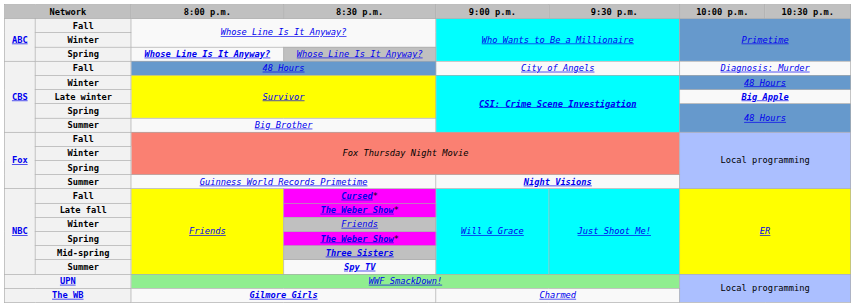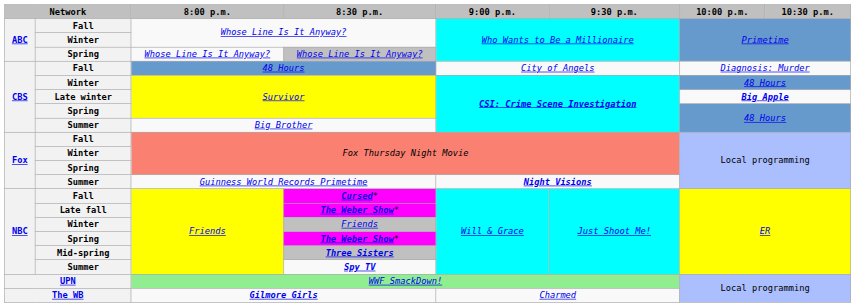 <table class="wikitable" style="width:100%;margin-right:0;text-align:center">
 <tr>
 <th colspan="2" style="background-color:#C0C0C0;text-align:center;width:15%;">Network</th>
 <th style="background-color:#C0C0C0;text-align:center;width:18%;">8:00 p.m.</th>
 <th style="background-color:#C0C0C0;text-align:center;width:18%;">8:30 p.m.</th>
 <th style="background-color:#C0C0C0;text-align:center">9:00 p.m.</th>
 <th style="background-color:#C0C0C0;text-align:center">9:30 p.m.</th>
 <th style="background-color:#C0C0C0;text-align:center">10:00 p.m.</th>
 <th style="background-color:#C0C0C0;text-align:center">10:30 p.m.</th>
 </tr>
 <tr>
 <th rowspan="3"><a href='#'>ABC</a></th>
 <th>Fall</th>
 <td colspan="2" rowspan="2"><em><a href='#'>Whose Line Is It Anyway?</a></em></td>
 <td style="background:cyan;" colspan="2" rowspan="3"><em><a href='#'>Who Wants to Be a Millionaire</a></em> </td>
 <td style="background:#6699CC;" colspan="2" rowspan="3"><em><a href='#'>Primetime</a></em></td>
 </tr>
 <tr>
 <th>Winter</th>
 </tr>
 <tr>
 <th>Spring</th>
-<td><strong><em><a href='#'>Whose Line Is It Anyway?</a></em></strong></td>
+<td><em><a href='#'>Whose Line Is It Anyway?</a></em></td>
 <td style="background:#C0C0C0;"><em><a href='#'>Whose Line Is It Anyway?</a></em> </td>
 </tr>
 <tr>
 <th rowspan="5"><a href='#'>CBS</a></th>
 <th>Fall</th>
 <td style="background:#6699CC;" colspan="2"><em><a href='#'>48 Hours</a></em></td>
 <td colspan="2"><em><a href='#'>City of Angels</a></em></td>
 <td colspan="2"><em><a href='#'>Diagnosis: Murder</a></em></td>
 </tr>
 <tr>
 <th>Winter</th>
 <td style="background:yellow;" rowspan="3" colspan="2"><em><a href='#'>Survivor</a></em> </td>
 <td style="background:cyan;" rowspan="4" colspan="2"><strong><em><a href='#'>CSI: Crime Scene Investigation</a></em></strong> </td>
 <td style="background:#6699CC;" colspan="2"><em><a href='#'>48 Hours</a></em></td>
 </tr>
 <tr>
 <th>Late winter</th>
 <td colspan="2"><strong><em><a href='#'>Big Apple</a></em></strong></td>
 </tr>
 <tr>
 <th>Spring</th>
 <td style="background:#6699CC;" colspan="2" rowspan="2"><em><a href='#'>48 Hours</a></em></td>
 </tr>
 <tr>
 <th>Summer</th>
 <td colspan="2"><em><a href='#'>Big Brother</a></em></td>
 </tr>
 <tr>
 <th rowspan="4"><a href='#'>Fox</a></th>
 <th>Fall</th>
 <td style="background:#FA8072;" colspan="4" rowspan="3"><em>Fox Thursday Night Movie</em></td>
 <td style="background:#abbfff;" colspan="2" rowspan="4">Local programming</td>
 </tr>
 <tr>
 <th>Winter</th>
 </tr>
 <tr>
 <th>Spring</th>
 </tr>
 <tr>
 <th>Summer</th>
 <td colspan="2"><em><a href='#'>Guinness World Records Primetime</a></em></td>
 <td colspan="2"><strong><em><a href='#'>Night Visions</a></em></strong></td>
 </tr>
 <tr>
 <th rowspan="6"><a href='#'>NBC</a></th>
 <th>Fall</th>
 <td style="background:yellow;" rowspan="6"><em><a href='#'>Friends</a></em> </td>
 <td style="background:magenta;"><strong><em><a href='#'>Cursed</a></em></strong>* </td>
 <td style="background:cyan;" rowspan="6"><em><a href='#'>Will & Grace</a></em> </td>
 <td style="background:cyan;" rowspan="6"><em><a href='#'>Just Shoot Me!</a></em> </td>
 <td style="background:yellow;" colspan="2" rowspan="6"><em><a href='#'>ER</a></em> </td>
 </tr>
 <tr>
 <th>Late fall</th>
 <td style="background:magenta;"><strong><em><a href='#'>The Weber Show</a></em></strong>* </td>
 </tr>
 <tr>
 <th>Winter</th>
 <td style="background:#C0C0C0;"><em><a href='#'>Friends</a></em> </td>
 </tr>
 <tr>
 <th>Spring</th>
 <td style="background:magenta;"><strong><em><a href='#'>The Weber Show</a></em></strong>* </td>
 </tr>
 <tr>
 <th>Mid-spring</th>
 <td style="background:#C0C0C0;"><strong><em><a href='#'>Three Sisters</a></em></strong> </td>
 </tr>
 <tr>
 <th>Summer</th>
 <td><strong><em><a href='#'>Spy TV</a></em></strong></td>
 </tr>
 <tr>
 <th colspan="2"><a href='#'>UPN</a></th>
 <td style="background:lightgreen" colspan="4"><em><a href='#'>WWF SmackDown!</a></em></td>
 <td style="background:#abbfff;" rowspan="2" colspan="2">Local programming</td>
 </tr>
 <tr>
 <th colspan="2"><a href='#'>The WB</a></th>
 <td colspan="2"><strong><em><a href='#'>Gilmore Girls</a></em></strong></td>
 <td colspan="2"><em><a href='#'>Charmed</a></em></td>
 </tr>
 </table>
